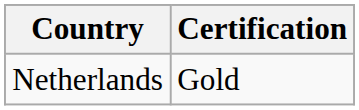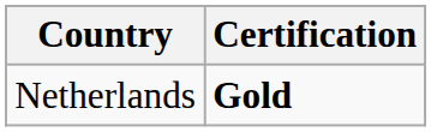 <table class="wikitable">
 <tr>
 <th>Country</th>
 <th>Certification</th>
 </tr>
 <tr>
 <td>Netherlands</td>
-<td>Gold</td>
+<td><strong>Gold</strong></td>
 </tr>
 </table>
